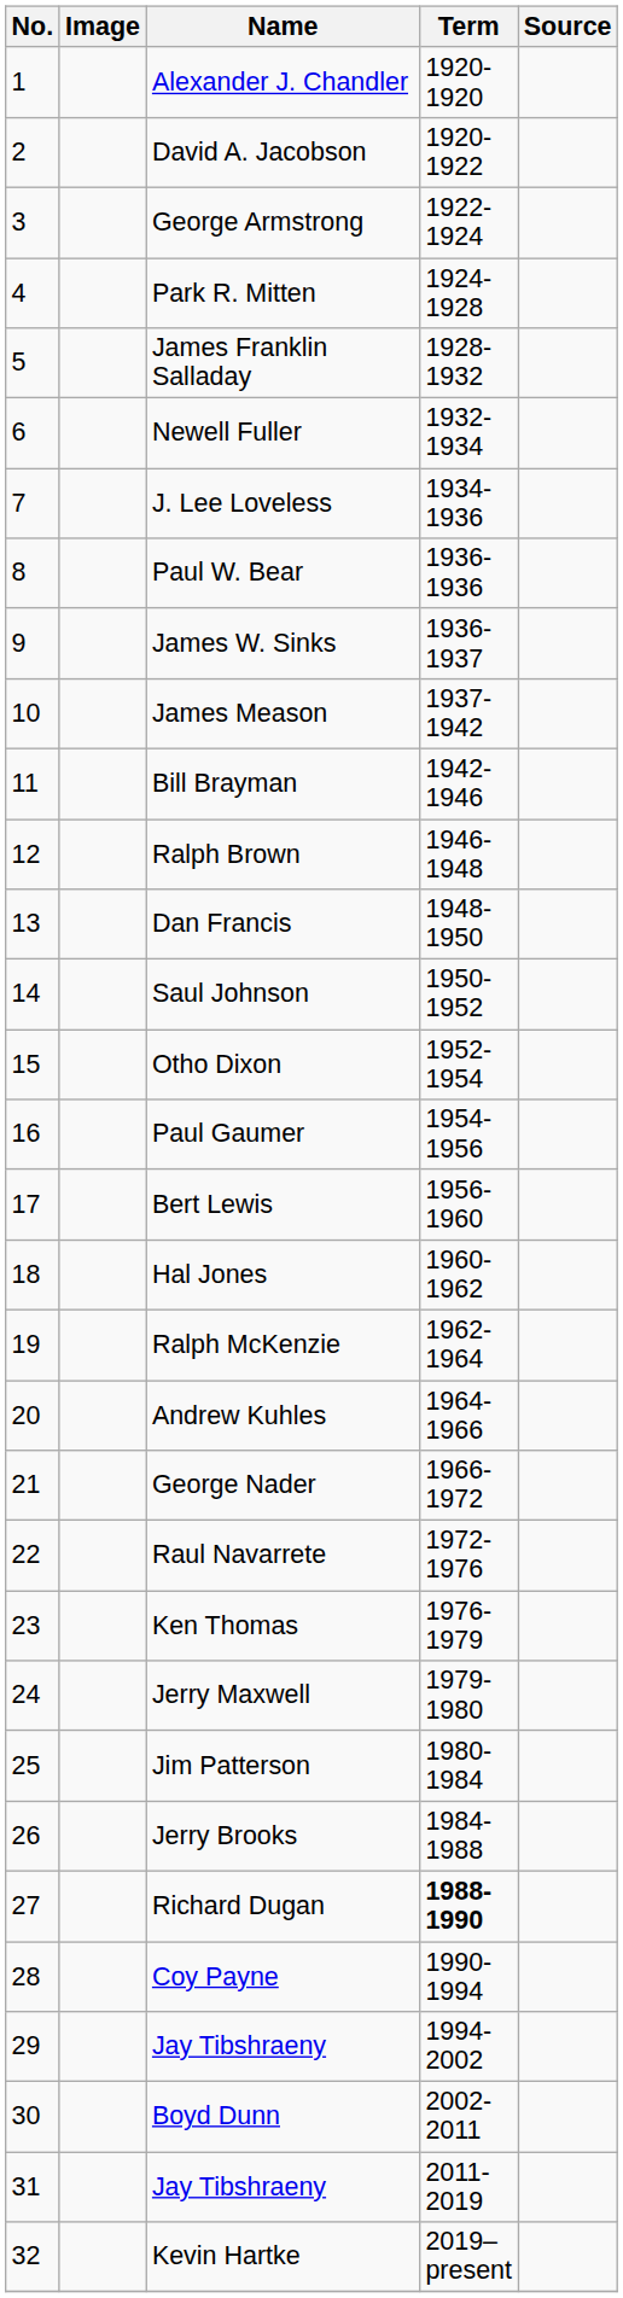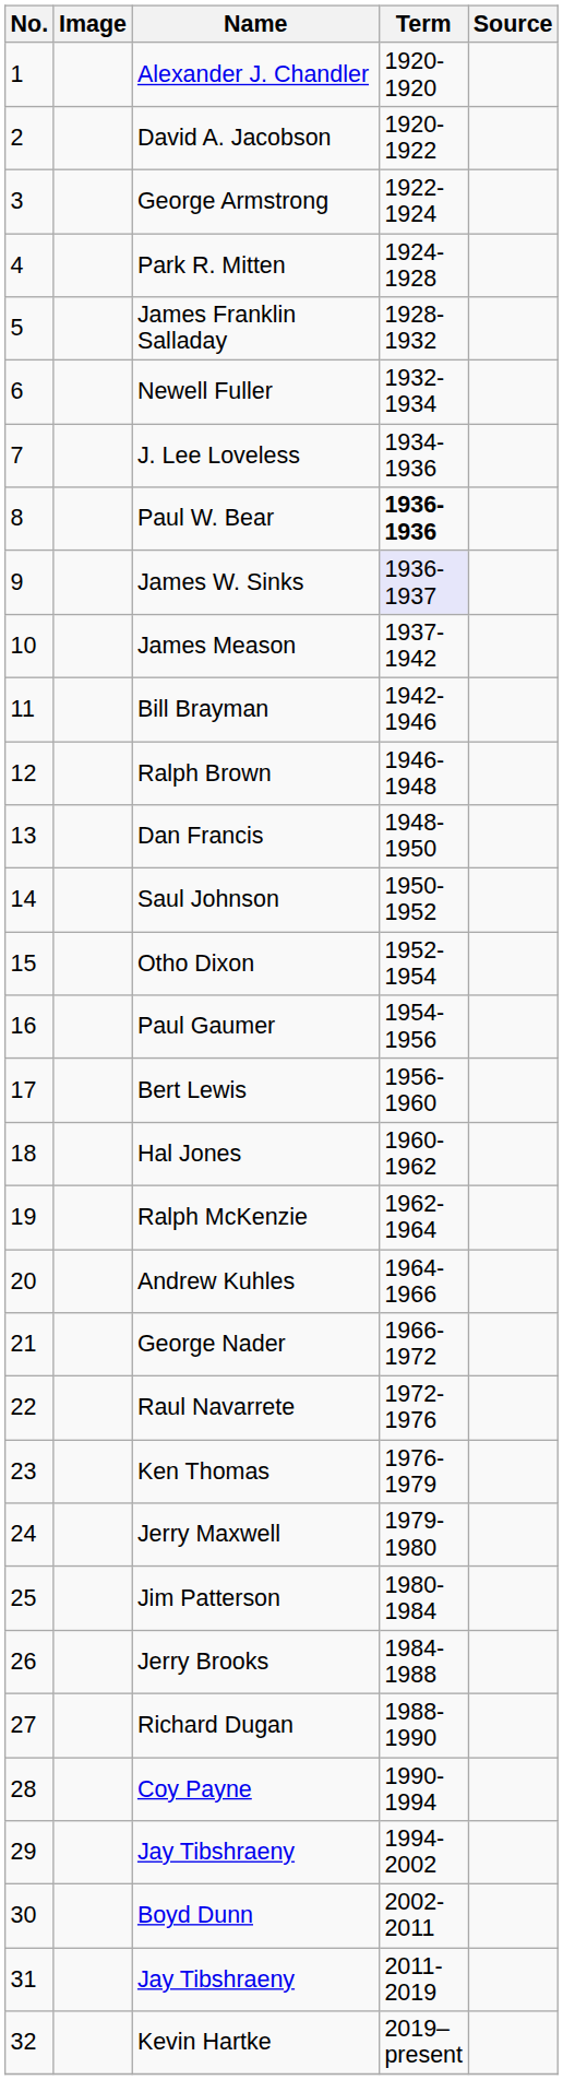 <table class="wikitable" style="float:left; width:30%">
 <tr>
 <th width="1%">No.</th>
 <th style-"width:5%">Image</th>
 <th style-"width:50%">Name</th>
 <th style="width:15%;">Term</th>
 <th style="width:10%">Source</th>
 </tr>
 <tr>
 <td>1</td>
 <td></td>
 <td><a href='#'>Alexander J. Chandler</a></td>
 <td>1920-1920</td>
 <td></td>
 </tr>
 <tr>
 <td>2</td>
 <td></td>
 <td>David A. Jacobson</td>
 <td>1920-1922</td>
 <td></td>
 </tr>
 <tr>
 <td>3</td>
 <td></td>
 <td>George Armstrong</td>
 <td>1922-1924</td>
 <td></td>
 </tr>
 <tr>
 <td>4</td>
 <td></td>
 <td>Park R. Mitten</td>
 <td>1924-1928</td>
 <td></td>
 </tr>
 <tr>
 <td>5</td>
 <td></td>
 <td>James Franklin Salladay</td>
 <td>1928-1932</td>
 <td></td>
 </tr>
 <tr>
 <td>6</td>
 <td></td>
 <td>Newell Fuller</td>
 <td>1932-1934</td>
 <td></td>
 </tr>
 <tr>
 <td>7</td>
 <td></td>
 <td>J. Lee Loveless</td>
 <td>1934-1936</td>
 <td></td>
 </tr>
 <tr>
 <td>8</td>
 <td></td>
 <td>Paul W. Bear</td>
-<td>1936-1936</td>
+<td><strong>1936-1936</strong></td>
 <td></td>
 </tr>
 <tr>
 <td>9</td>
 <td></td>
 <td>James W. Sinks</td>
-<td>1936-1937</td>
+<td style="background: lavender;">1936-1937</td>
 <td></td>
 </tr>
 <tr>
 <td>10</td>
 <td></td>
 <td>James Meason</td>
 <td>1937-1942</td>
 <td></td>
 </tr>
 <tr>
 <td>11</td>
 <td></td>
 <td>Bill Brayman</td>
 <td>1942-1946</td>
 <td></td>
 </tr>
 <tr>
 <td>12</td>
 <td></td>
 <td>Ralph Brown</td>
 <td>1946-1948</td>
 <td></td>
 </tr>
 <tr>
 <td>13</td>
 <td></td>
 <td>Dan Francis</td>
 <td>1948-1950</td>
 <td></td>
 </tr>
 <tr>
 <td>14</td>
 <td></td>
 <td>Saul Johnson</td>
 <td>1950-1952</td>
 <td></td>
 </tr>
 <tr>
 <td>15</td>
 <td></td>
 <td>Otho Dixon</td>
 <td>1952-1954</td>
 <td></td>
 </tr>
 <tr>
 <td>16</td>
 <td></td>
 <td>Paul Gaumer</td>
 <td>1954-1956</td>
 <td></td>
 </tr>
 <tr>
 <td>17</td>
 <td></td>
 <td>Bert Lewis</td>
 <td>1956-1960</td>
 <td></td>
 </tr>
 <tr>
 <td>18</td>
 <td></td>
 <td>Hal Jones</td>
 <td>1960-1962</td>
 <td></td>
 </tr>
 <tr>
 <td>19</td>
 <td></td>
 <td>Ralph McKenzie</td>
 <td>1962-1964</td>
 <td></td>
 </tr>
 <tr>
 <td>20</td>
 <td></td>
 <td>Andrew Kuhles</td>
 <td>1964-1966</td>
 <td></td>
 </tr>
 <tr>
 <td>21</td>
 <td></td>
 <td>George Nader</td>
 <td>1966-1972</td>
 <td></td>
 </tr>
 <tr>
 <td>22</td>
 <td></td>
 <td>Raul Navarrete</td>
 <td>1972-1976</td>
 <td></td>
 </tr>
 <tr>
 <td>23</td>
 <td></td>
 <td>Ken Thomas</td>
 <td>1976-1979</td>
 <td></td>
 </tr>
 <tr>
 <td>24</td>
 <td></td>
 <td>Jerry Maxwell</td>
 <td>1979-1980</td>
 <td></td>
 </tr>
 <tr>
 <td>25</td>
 <td></td>
 <td>Jim Patterson</td>
 <td>1980-1984</td>
 <td></td>
 </tr>
 <tr>
 <td>26</td>
 <td></td>
 <td>Jerry Brooks</td>
 <td>1984-1988</td>
 <td></td>
 </tr>
 <tr>
 <td>27</td>
 <td></td>
 <td>Richard Dugan</td>
-<td><strong>1988-1990</strong></td>
+<td>1988-1990</td>
 <td></td>
 </tr>
 <tr>
 <td>28</td>
 <td></td>
 <td><a href='#'>Coy Payne</a></td>
 <td>1990-1994</td>
 <td></td>
 </tr>
 <tr>
 <td>29</td>
 <td></td>
 <td><a href='#'>Jay Tibshraeny</a></td>
 <td>1994-2002</td>
 <td></td>
 </tr>
 <tr>
 <td>30</td>
 <td></td>
 <td><a href='#'>Boyd Dunn</a></td>
 <td>2002-2011</td>
 <td></td>
 </tr>
 <tr>
 <td>31</td>
 <td></td>
 <td><a href='#'>Jay Tibshraeny</a></td>
 <td>2011-2019</td>
 <td></td>
 </tr>
 <tr>
 <td>32</td>
 <td></td>
 <td>Kevin Hartke</td>
 <td>2019–present</td>
 <td></td>
 </tr>
 <tr>
 </tr>
 </table>
